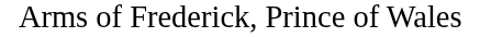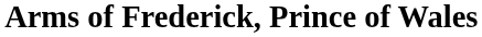 <table border="0" align="center" width="80%">
 <tr>
 <th width=25%></th>
 </tr>
 <tr>
-<td style="text-align: center;">Arms of Frederick, Prince of Wales</td>
+<td style="text-align: center;"><strong>Arms of Frederick, Prince of Wales</strong></td>
 </tr>
 </table>
